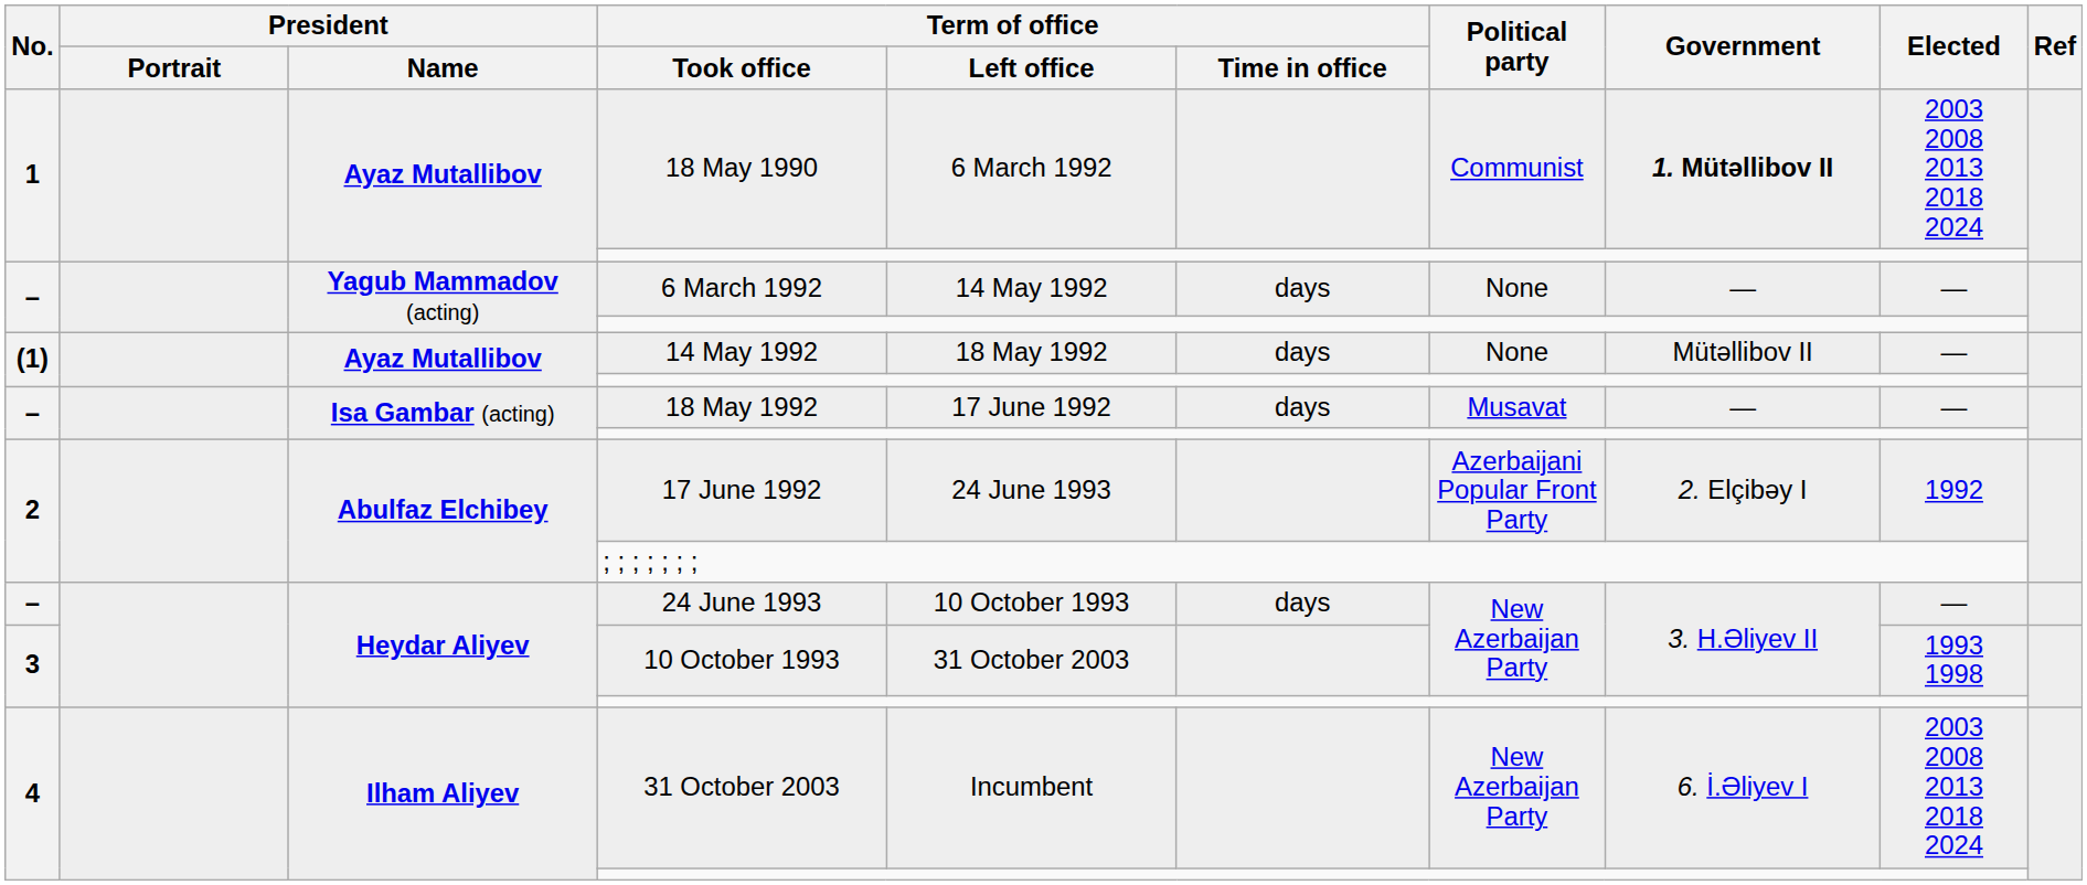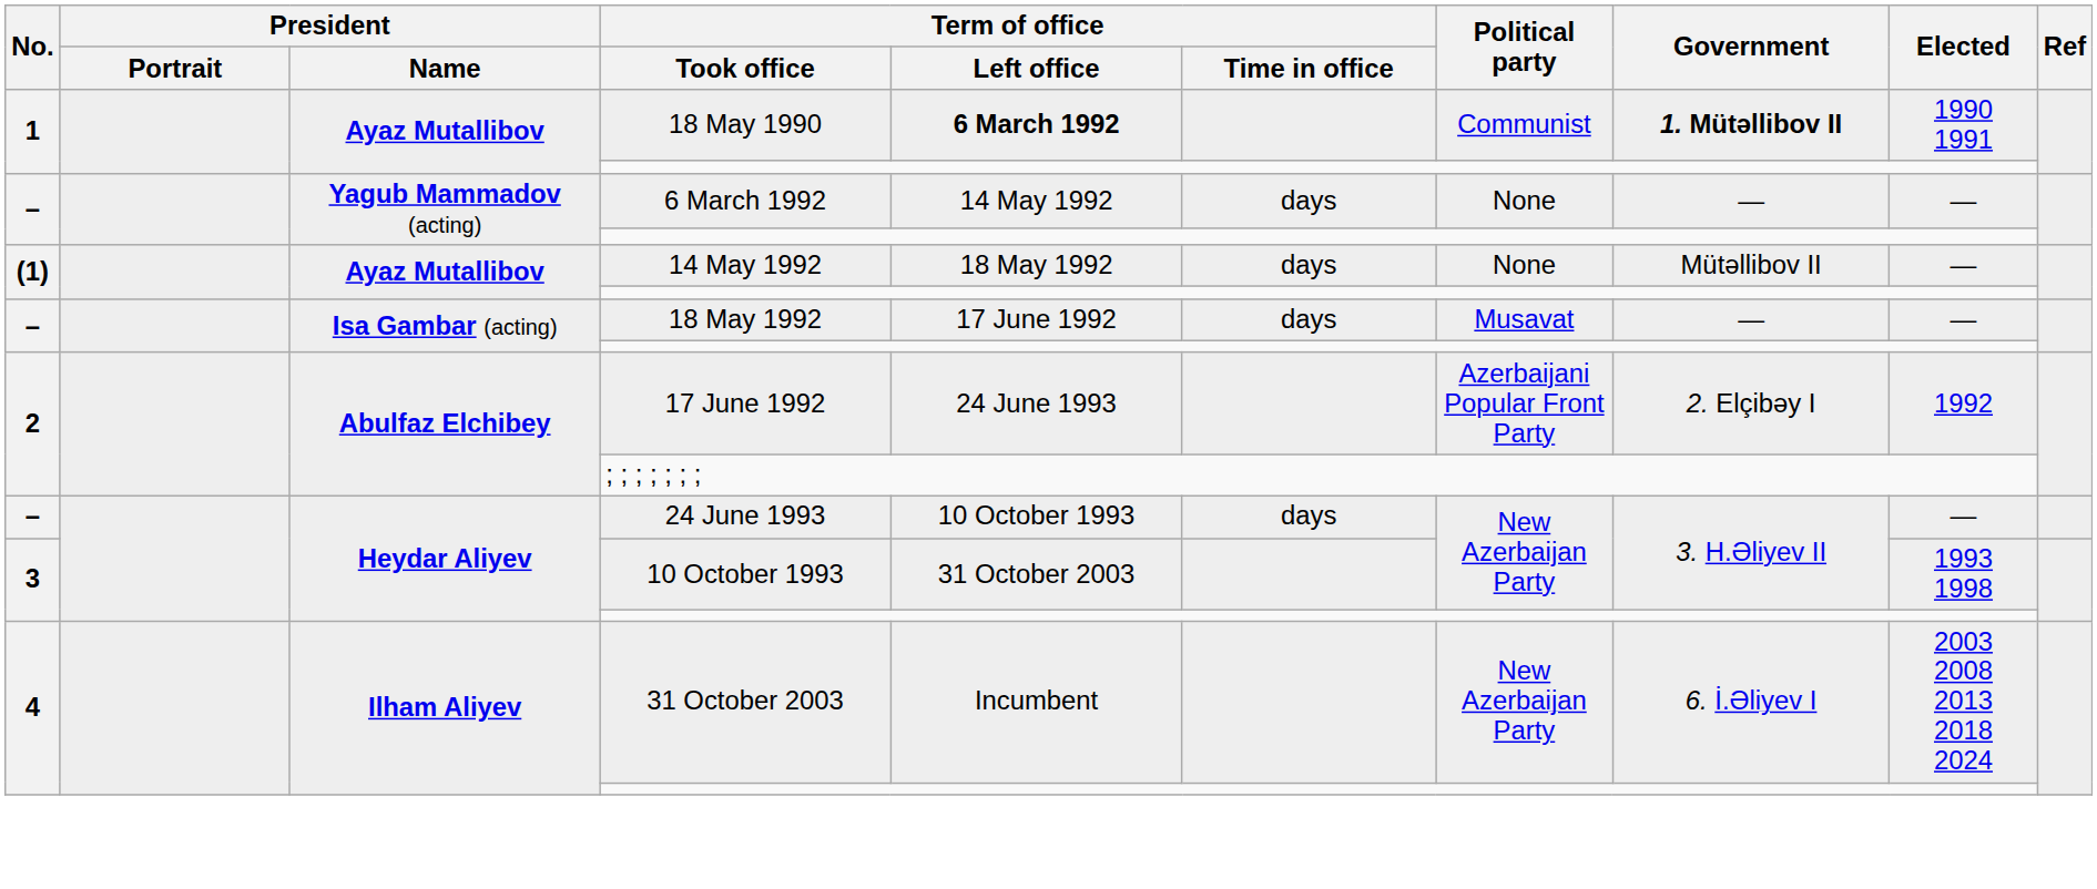 <table class="wikitable"  style="text-align:center"  width="100%">
 <tr>
 <th rowspan=2 style="width:25px;">No.</th>
 <th colspan=2 style="width:280px;">President<br></th>
 <th colspan=3>Term of office</th>
 <th style="width:100px;" rowspan="2">Political party</th>
 <th style="width:160px;" rowspan="2">Government</th>
 <th rowspan=2>Elected</th>
 <th rowspan=2 style="width:20px;">Ref</th>
 </tr>
 <tr>
 <th>Portrait</th>
 <th width=180px>Name</th>
 <th>Took office</th>
 <th>Left office</th>
 <th>Time in office</th>
 </tr>
 <tr bgcolor=#EEEEEE>
 <th rowspan=2 style="background:">1</th>
 <td rowspan=2></td>
 <td rowspan=2><strong><a href='#'>Ayaz Mutallibov</a></strong><br></td>
 <td>18 May 1990</td>
-<td>6 March 1992</td>
+<td><strong>6 March 1992</strong></td>
 <td></td>
 <td style="background:"><a href='#'><span>Communist <br></span></a></td>
 <td><strong><em>1.</em> Mütəllibov II</strong></td>
-<td><a href='#'>2003</a><br><a href='#'>2008</a><br><a href='#'>2013</a><br><a href='#'>2018</a><br><a href='#'>2024</a></td>
+<td><a href='#'>1990</a><br><a href='#'>1991</a></td>
 <td rowspan=2></td>
 </tr>
 <tr>
 <td colspan=6 align=left></td>
 </tr>
 <tr bgcolor=#EEEEEE>
 <th rowspan=2 style="background:">–</th>
 <td rowspan=2></td>
 <td rowspan=2><strong><a href='#'>Yagub Mammadov</a></strong> <small>(acting)</small><br></td>
 <td>6 March 1992</td>
 <td>14 May 1992</td>
 <td> days</td>
 <td style="background:">None</td>
 <td>—</td>
 <td>—</td>
 <td rowspan=2></td>
 </tr>
 <tr>
 <td colspan=6 align=left></td>
 </tr>
 <tr bgcolor=#EEEEEE>
 <th rowspan=2 style="background:">(1)</th>
 <td rowspan=2></td>
 <td rowspan=2><strong><a href='#'>Ayaz Mutallibov</a></strong><br></td>
 <td>14 May 1992</td>
 <td>18 May 1992</td>
 <td> days</td>
 <td style="background:">None</td>
 <td>Mütəllibov II</td>
 <td>—</td>
 <td rowspan=2></td>
 </tr>
 <tr>
 <td colspan=6 align=left></td>
 </tr>
 <tr bgcolor=#EEEEEE>
 <th rowspan=2 style="background:">–</th>
 <td rowspan=2></td>
 <td rowspan=2><strong><a href='#'>Isa Gambar</a></strong> <small>(acting)</small><br></td>
 <td>18 May 1992</td>
 <td>17 June 1992</td>
 <td> days</td>
 <td style="background:"><a href='#'><span>Musavat <br></span></a></td>
 <td>—</td>
 <td>—</td>
 <td rowspan=2></td>
 </tr>
 <tr>
 <td colspan=6 align=left></td>
 </tr>
 <tr bgcolor=#EEEEEE>
 <th rowspan=2 style="background:">2</th>
 <td rowspan=2></td>
 <td rowspan=2><strong><a href='#'>Abulfaz Elchibey</a></strong><br></td>
 <td>17 June 1992</td>
 <td>24 June 1993</td>
 <td></td>
 <td style="background:"><a href='#'><span>Azerbaijani Popular Front Party</span></a></td>
 <td><em>2.</em> Elçibəy I</td>
 <td><a href='#'>1992</a></td>
 <td rowspan=2></td>
 </tr>
 <tr>
 <td colspan=6 align=left>; ; ; ; ; ; ; </td>
 </tr>
 <tr bgcolor="#EEEEEE">
 <th>–</th>
 <td rowspan="3"></td>
 <td rowspan="3"><strong><a href='#'>Heydar Aliyev</a></strong><br></td>
 <td>24 June 1993</td>
 <td>10 October 1993</td>
 <td> days</td>
 <td rowspan="2" style="background:"><a href='#'><span>New Azerbaijan Party</span></a></td>
 <td rowspan="2"><em>3.</em> <a href='#'>H.Əliyev II</a></td>
 <td>—</td>
 <td></td>
 </tr>
 <tr bgcolor="#EEEEEE">
 <th rowspan="2" style="background:">3</th>
 <td>10 October 1993</td>
 <td>31 October 2003</td>
 <td></td>
 <td><a href='#'>1993</a><br><a href='#'>1998</a></td>
 <td rowspan="2"></td>
 </tr>
 <tr>
 <td colspan=6 align=left></td>
 </tr>
 <tr bgcolor=#EEEEEE>
 <th rowspan=2 style="background:">4</th>
 <td rowspan=2></td>
 <td rowspan=2><strong><a href='#'>Ilham Aliyev</a></strong><br></td>
 <td>31 October 2003</td>
 <td>Incumbent</td>
 <td></td>
 <td style="background:"><a href='#'><span>New Azerbaijan Party</span></a></td>
 <td><em>6.</em> <a href='#'>İ.Əliyev I</a></td>
 <td><a href='#'>2003</a><br><a href='#'>2008</a><br><a href='#'>2013</a><br><a href='#'>2018</a><br><a href='#'>2024</a></td>
 <td rowspan=2></td>
 </tr>
 <tr>
 <td colspan=6 align=left></td>
 </tr>
 </table>
